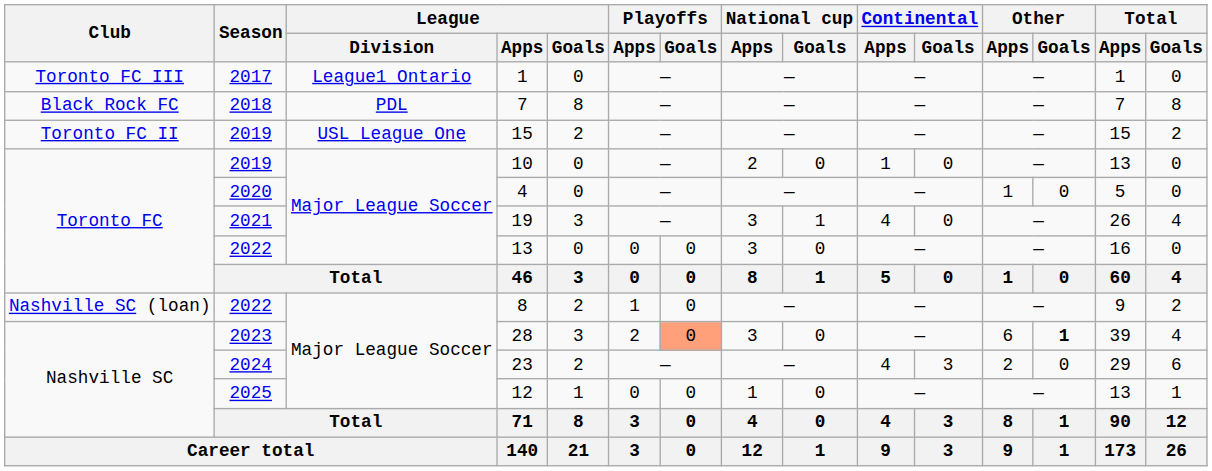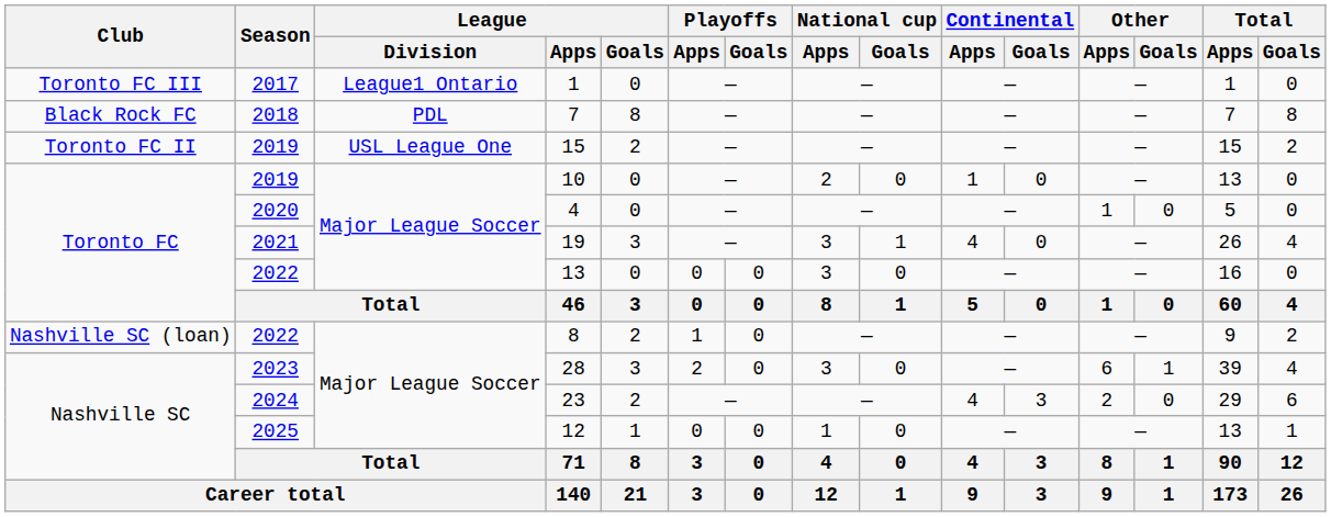 <table class="wikitable" style="text-align: center;">
 <tr>
 <th rowspan="2">Club</th>
 <th rowspan="2">Season</th>
 <th colspan="3">League</th>
 <th colspan="2">Playoffs</th>
 <th colspan="2">National cup</th>
 <th colspan="2"><a href='#'>Continental</a></th>
 <th colspan="2">Other</th>
 <th colspan="2">Total</th>
 </tr>
 <tr>
 <th>Division</th>
 <th>Apps</th>
 <th>Goals</th>
 <th>Apps</th>
 <th>Goals</th>
 <th>Apps</th>
 <th>Goals</th>
 <th>Apps</th>
 <th>Goals</th>
 <th>Apps</th>
 <th>Goals</th>
 <th>Apps</th>
 <th>Goals</th>
 </tr>
 <tr>
 <td><a href='#'>Toronto FC III</a></td>
 <td><a href='#'>2017</a></td>
 <td><a href='#'>League1 Ontario</a></td>
 <td>1</td>
 <td>0</td>
 <td colspan="2">—</td>
 <td colspan="2">—</td>
 <td colspan="2">—</td>
 <td colspan="2">—</td>
 <td>1</td>
 <td>0</td>
 </tr>
 <tr>
 <td><a href='#'>Black Rock FC</a></td>
 <td><a href='#'>2018</a></td>
 <td><a href='#'>PDL</a></td>
 <td>7</td>
 <td>8</td>
 <td colspan="2">—</td>
 <td colspan="2">—</td>
 <td colspan="2">—</td>
 <td colspan="2">—</td>
 <td>7</td>
 <td>8</td>
 </tr>
 <tr>
 <td><a href='#'>Toronto FC II</a></td>
 <td><a href='#'>2019</a></td>
 <td><a href='#'>USL League One</a></td>
 <td>15</td>
 <td>2</td>
 <td colspan="2">—</td>
 <td colspan="2">—</td>
 <td colspan="2">—</td>
 <td colspan="2">—</td>
 <td>15</td>
 <td>2</td>
 </tr>
 <tr>
 <td rowspan="5"><a href='#'>Toronto FC</a></td>
 <td><a href='#'>2019</a></td>
 <td rowspan="4"><a href='#'>Major League Soccer</a></td>
 <td>10</td>
 <td>0</td>
 <td colspan="2">—</td>
 <td>2</td>
 <td>0</td>
 <td>1</td>
 <td>0</td>
 <td colspan="2">—</td>
 <td>13</td>
 <td>0</td>
 </tr>
 <tr>
 <td><a href='#'>2020</a></td>
 <td>4</td>
 <td>0</td>
 <td colspan="2">—</td>
 <td colspan="2">—</td>
 <td colspan="2">—</td>
 <td>1</td>
 <td>0</td>
 <td>5</td>
 <td>0</td>
 </tr>
 <tr>
 <td><a href='#'>2021</a></td>
 <td>19</td>
 <td>3</td>
 <td colspan="2">—</td>
 <td>3</td>
 <td>1</td>
 <td>4</td>
 <td>0</td>
 <td colspan="2">—</td>
 <td>26</td>
 <td>4</td>
 </tr>
 <tr>
 <td><a href='#'>2022</a></td>
 <td>13</td>
 <td>0</td>
 <td>0</td>
 <td>0</td>
 <td>3</td>
 <td>0</td>
 <td colspan="2">—</td>
 <td colspan="2">—</td>
 <td>16</td>
 <td>0</td>
 </tr>
 <tr>
 <th colspan="2">Total</th>
 <th>46</th>
 <th>3</th>
 <th>0</th>
 <th>0</th>
 <th>8</th>
 <th>1</th>
 <th>5</th>
 <th>0</th>
 <th>1</th>
 <th>0</th>
 <th>60</th>
 <th>4</th>
 </tr>
 <tr>
 <td><a href='#'>Nashville SC</a> (loan)</td>
 <td><a href='#'>2022</a></td>
 <td rowspan="4">Major League Soccer</td>
 <td>8</td>
 <td>2</td>
 <td>1</td>
 <td>0</td>
 <td colspan="2">—</td>
 <td colspan="2">—</td>
 <td colspan="2">—</td>
 <td>9</td>
 <td>2</td>
 </tr>
 <tr>
 <td rowspan="4">Nashville SC</td>
 <td><a href='#'>2023</a></td>
 <td>28</td>
 <td>3</td>
 <td>2</td>
-<td style="background: lightsalmon;">0</td>
+<td>0</td>
 <td>3</td>
 <td>0</td>
 <td colspan="2">—</td>
 <td>6</td>
-<td><strong>1</strong></td>
+<td>1</td>
 <td>39</td>
 <td>4</td>
 </tr>
 <tr>
 <td><a href='#'>2024</a></td>
 <td>23</td>
 <td>2</td>
 <td colspan="2">—</td>
 <td colspan="2">—</td>
 <td>4</td>
 <td>3</td>
 <td>2</td>
 <td>0</td>
 <td>29</td>
 <td>6</td>
 </tr>
 <tr>
 <td><a href='#'>2025</a></td>
 <td>12</td>
 <td>1</td>
 <td>0</td>
 <td>0</td>
 <td>1</td>
 <td>0</td>
 <td colspan="2">—</td>
 <td colspan="2">—</td>
 <td>13</td>
 <td>1</td>
 </tr>
 <tr>
 <th colspan="2">Total</th>
 <th>71</th>
 <th>8</th>
 <th>3</th>
 <th>0</th>
 <th>4</th>
 <th>0</th>
 <th>4</th>
 <th>3</th>
 <th>8</th>
 <th>1</th>
 <th>90</th>
 <th>12</th>
 </tr>
 <tr>
 <th colspan="3">Career total</th>
 <th>140</th>
 <th>21</th>
 <th>3</th>
 <th>0</th>
 <th>12</th>
 <th>1</th>
 <th>9</th>
 <th>3</th>
 <th>9</th>
 <th>1</th>
 <th>173</th>
 <th>26</th>
 </tr>
 </table>
